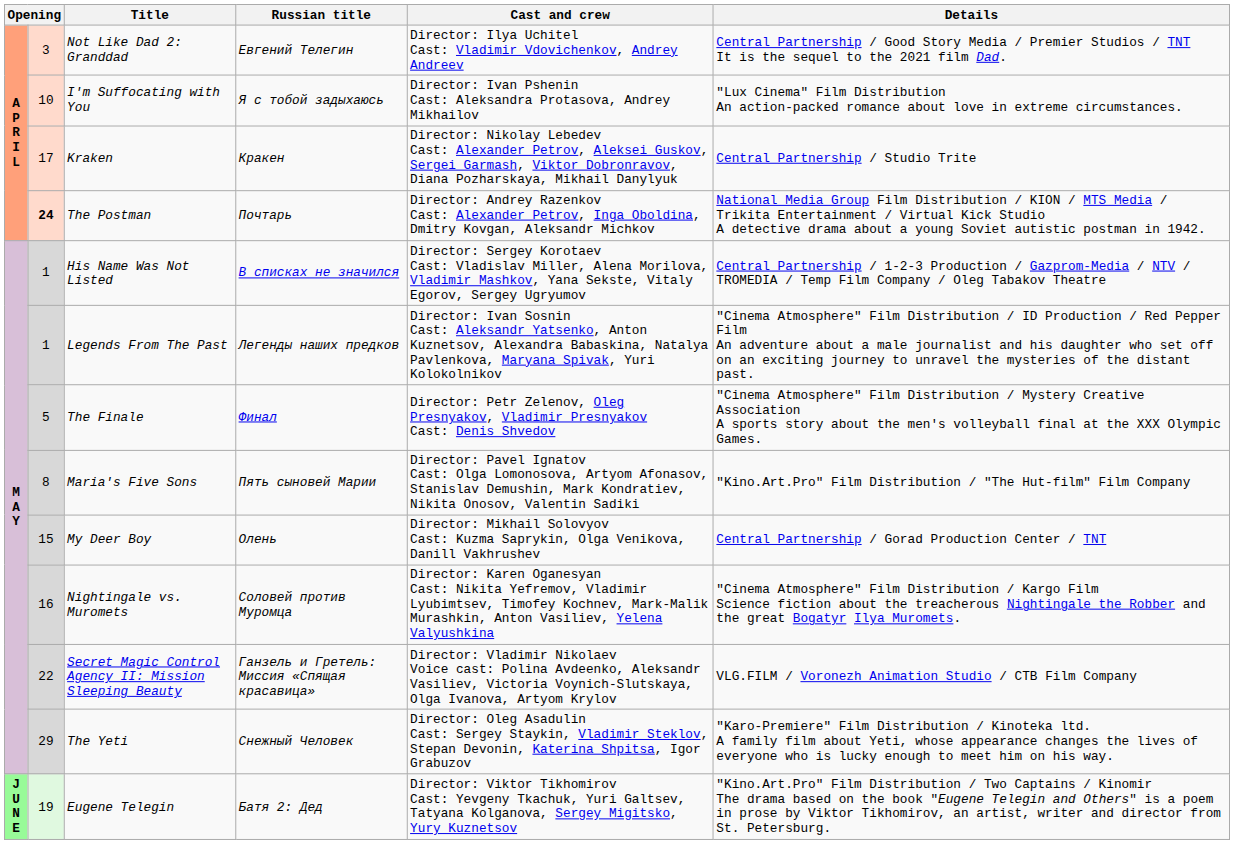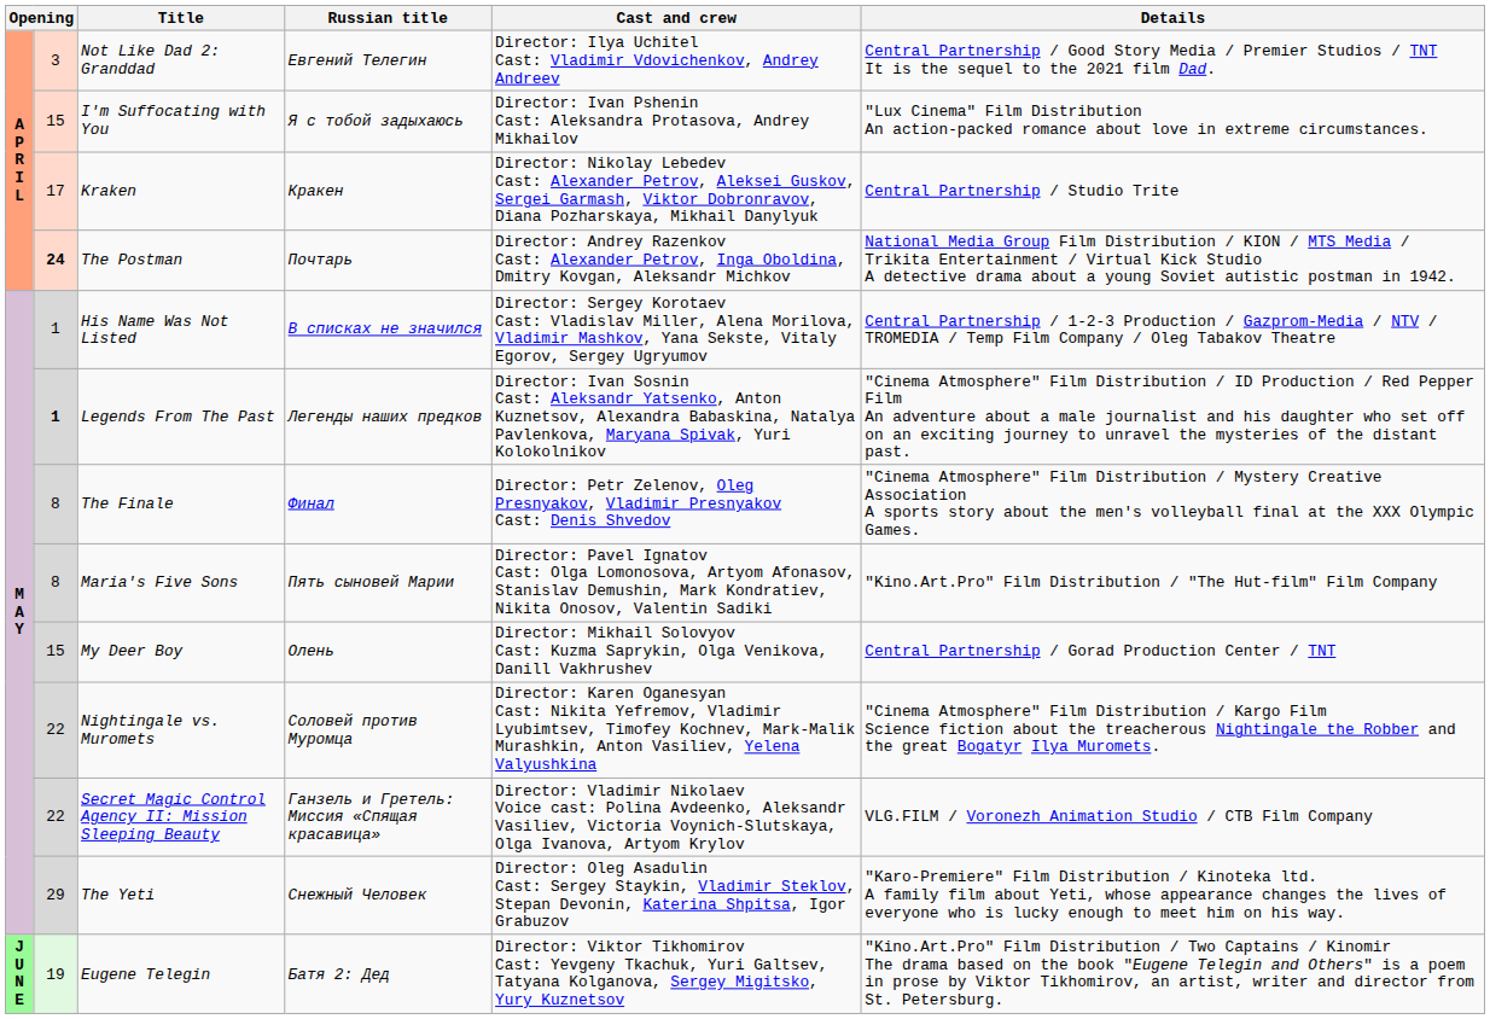 <table class="wikitable">
 <tr>
 <th colspan="2">Opening</th>
 <th style="width:14%;">Title</th>
 <th style="width:14%;">Russian title</th>
 <th style="width:25%;">Cast and crew</th>
 <th>Details</th>
 </tr>
 <tr>
 <th rowspan="4" align="center" style="background:#ffa07a; textcolor:#000;">A<br>P<br>R<br>I<br>L</th>
 <td align="center" style="background:#ffdacc;">3</td>
 <td><em>Not Like Dad 2: Granddad</em></td>
 <td><em>Евгений Телегин</em></td>
 <td>Director: Ilya Uchitel <br> Cast: <a href='#'>Vladimir Vdovichenkov</a>, <a href='#'>Andrey Andreev</a></td>
 <td><a href='#'>Central Partnership</a> / Good Story Media / Premier Studios / <a href='#'>TNT</a> <br> It is the sequel to the 2021 film <em><a href='#'>Dad</a></em>.</td>
 </tr>
 <tr>
-<td align="center" style="background:#ffdacc;">10</td>
+<td align="center" style="background:#ffdacc;">15</td>
 <td><em>I'm Suffocating with You</em></td>
 <td><em>Я с тобой задыхаюсь</em></td>
 <td>Director: Ivan Pshenin <br> Cast: Aleksandra Protasova, Andrey Mikhailov</td>
 <td>"Lux Cinema" Film Distribution <br> An action-packed romance about love in extreme circumstances.</td>
 </tr>
 <tr>
 <td align="center" style="background:#ffdacc;">17</td>
 <td><em>Kraken</em></td>
 <td><em>Кракен</em></td>
 <td>Director: Nikolay Lebedev <br> Cast: <a href='#'>Alexander Petrov</a>, <a href='#'>Aleksei Guskov</a>, <a href='#'>Sergei Garmash</a>, <a href='#'>Viktor Dobronravov</a>, Diana Pozharskaya, Mikhail Danylyuk</td>
 <td><a href='#'>Central Partnership</a> / Studio Trite</td>
 </tr>
 <tr>
 <td align="center" style="background:#ffdacc;"><strong>24</strong></td>
 <td><em>The Postman</em></td>
 <td><em>Почтарь</em></td>
 <td>Director: Andrey Razenkov <br> Cast: <a href='#'>Alexander Petrov</a>, <a href='#'>Inga Oboldina</a>, Dmitry Kovgan, Aleksandr Michkov</td>
 <td><a href='#'>National Media Group</a> Film Distribution / KION / <a href='#'>MTS Media</a> / Trikita Entertainment / Virtual Kick Studio <br> A detective drama about a young Soviet autistic postman in 1942.</td>
 </tr>
 <tr>
 <th rowspan="8" align="center" style="background:thistle; textcolor:#000;">M<br>A<br>Y</th>
 <td align="center" style="background:#d8d8d8;">1</td>
 <td><em>His Name Was Not Listed</em></td>
 <td><em><a href='#'>В списках не значился</a></em></td>
 <td>Director: Sergey Korotaev <br> Cast: Vladislav Miller, Alena Morilova, <a href='#'>Vladimir Mashkov</a>, Yana Sekste, Vitaly Egorov, Sergey Ugryumov</td>
 <td><a href='#'>Central Partnership</a> / 1-2-3 Production / <a href='#'>Gazprom-Media</a> / <a href='#'>NTV</a> / TROMEDIA / Temp Film Company / Oleg Tabakov Theatre</td>
 </tr>
 <tr>
-<td align="center" style="background:#d8d8d8;">1</td>
+<td align="center" style="background:#d8d8d8;"><strong>1</strong></td>
 <td><em>Legends From The Past</em></td>
 <td><em>Легенды наших предков</em></td>
 <td>Director: Ivan Sosnin <br> Cast: <a href='#'>Aleksandr Yatsenko</a>, Anton Kuznetsov, Alexandra Babaskina, Natalya Pavlenkova, <a href='#'>Maryana Spivak</a>, Yuri Kolokolnikov</td>
 <td>"Cinema Atmosphere" Film Distribution / ID Production / Red Pepper Film <br> An adventure about a male journalist and his daughter who set off on an exciting journey to unravel the mysteries of the distant past.</td>
 </tr>
 <tr>
-<td align="center" style="background:#d8d8d8;">5</td>
+<td align="center" style="background:#d8d8d8;">8</td>
 <td><em>The Finale</em></td>
 <td><em><a href='#'>Финал</a></em></td>
 <td>Director: Petr Zelenov, <a href='#'>Oleg Presnyakov</a>, <a href='#'>Vladimir Presnyakov</a> <br> Cast: <a href='#'>Denis Shvedov</a></td>
 <td>"Cinema Atmosphere" Film Distribution / Mystery Creative Association <br> A sports story about the men's volleyball final at the XXX Olympic Games.</td>
 </tr>
 <tr>
 <td align="center" style="background:#d8d8d8;">8</td>
 <td><em>Maria's Five Sons</em></td>
 <td><em>Пять сыновей Марии</em></td>
 <td>Director: Pavel Ignatov <br> Cast: Olga Lomonosova, Artyom Afonasov, Stanislav Demushin, Mark Kondratiev, Nikita Onosov, Valentin Sadiki</td>
 <td>"Kino.Art.Pro" Film Distribution / "The Hut-film" Film Company</td>
 </tr>
 <tr>
 <td align="center" style="background:#d8d8d8;">15</td>
 <td><em>My Deer Boy</em></td>
 <td><em>Олень</em></td>
 <td>Director: Mikhail Solovyov <br> Cast: Kuzma Saprykin, Olga Venikova, Danill Vakhrushev</td>
 <td><a href='#'>Central Partnership</a> / Gorad Production Center / <a href='#'>TNT</a></td>
 </tr>
 <tr>
-<td align="center" style="background:#d8d8d8;">16</td>
+<td align="center" style="background:#d8d8d8;">22</td>
 <td><em>Nightingale vs. Muromets</em></td>
 <td><em>Соловей против Муромца</em></td>
 <td>Director: Karen Oganesyan <br> Cast: Nikita Yefremov, Vladimir Lyubimtsev, Timofey Kochnev, Mark-Malik Murashkin, Аnton Vasiliev, <a href='#'>Yelena Valyushkina</a></td>
 <td>"Cinema Atmosphere" Film Distribution / Kargo Film <br> Science fiction about the treacherous <a href='#'>Nightingale the Robber</a> and the great <a href='#'>Bogatyr</a> <a href='#'>Ilya Muromets</a>.</td>
 </tr>
 <tr>
 <td align="center" style="background:#d8d8d8;">22</td>
 <td><em><a href='#'>Secret Magic Control Agency II: Mission Sleeping Beauty</a></em></td>
 <td><em>Ганзель и Гретель: Миссия «Спящая красавица»</em></td>
 <td>Director: Vladimir Nikolaev <br> Voice cast: Polina Avdeenko, Aleksandr Vasiliev, Victoria Voynich-Slutskaya, Olga Ivanova, Artyom Krylov</td>
 <td>VLG.FILM / <a href='#'>Voronezh Animation Studio</a> / CTB Film Company</td>
 </tr>
 <tr>
 <td align="center" style="background:#d8d8d8;">29</td>
 <td><em>The Yeti</em></td>
 <td><em>Снежный Человек</em></td>
 <td>Director: Oleg Asadulin <br> Cast: Sergey Staykin, <a href='#'>Vladimir Steklov</a>, Stepan Devonin, <a href='#'>Katerina Shpitsa</a>, Igor Grabuzov</td>
 <td>"Karo-Premiere" Film Distribution / Kinoteka ltd. <br> A family film about Yeti, whose appearance changes the lives of everyone who is lucky enough to meet him on his way.</td>
 </tr>
 <tr>
 <th rowspan="1" style="text-align:center; background:#98fb98; textcolor:#000;">J<br>U<br>N<br>E</th>
 <td style="text-align:center; background:#e0f9e0;">19</td>
 <td><em>Eugene Telegin</em></td>
 <td><em>Батя 2: Дед</em></td>
 <td>Director: Viktor Tikhomirov <br> Cast: Yevgeny Tkachuk, Yuri Galtsev, Tatyana Kolganova, <a href='#'>Sergey Migitsko</a>, <a href='#'>Yury Kuznetsov</a></td>
 <td>"Kino.Art.Pro" Film Distribution / Two Captains / Kinomir <br> The drama based on the book "<em>Eugene Telegin and Others</em>" is a poem in prose by Viktor Tikhomirov, an artist, writer and director from St. Petersburg.</td>
 </tr>
 </table>
